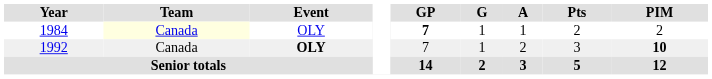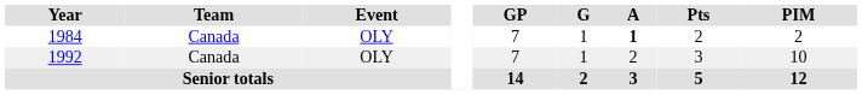 <table border="0" cellpadding="1" cellspacing="0" style="text-align:center; width:50em">
 <tr ALIGN="center" bgcolor="#e0e0e0">
 <th>Year</th>
 <th>Team</th>
 <th>Event</th>
 <th rowspan="99" bgcolor="#ffffff"> </th>
 <th>GP</th>
 <th>G</th>
 <th>A</th>
 <th>Pts</th>
 <th>PIM</th>
 </tr>
 <tr>
 <td><a href='#'>1984</a></td>
-<td style="background: lightyellow;"><a href='#'>Canada</a></td>
+<td><a href='#'>Canada</a></td>
 <td><a href='#'>OLY</a></td>
-<td><strong>7</strong></td>
+<td>7</td>
 <td>1</td>
-<td>1</td>
+<td><strong>1</strong></td>
 <td>2</td>
 <td>2</td>
 </tr>
 <tr bgcolor="#f0f0f0">
 <td><a href='#'>1992</a></td>
 <td>Canada</td>
-<td><strong>OLY</strong></td>
+<td>OLY</td>
 <td>7</td>
 <td>1</td>
 <td>2</td>
 <td>3</td>
-<td><strong>10</strong></td>
+<td>10</td>
 </tr>
 <tr style="background:#e0e0e0;">
 <th colspan="3">Senior totals</th>
 <th>14</th>
 <th>2</th>
 <th>3</th>
 <th>5</th>
 <th>12</th>
 </tr>
 </table>
